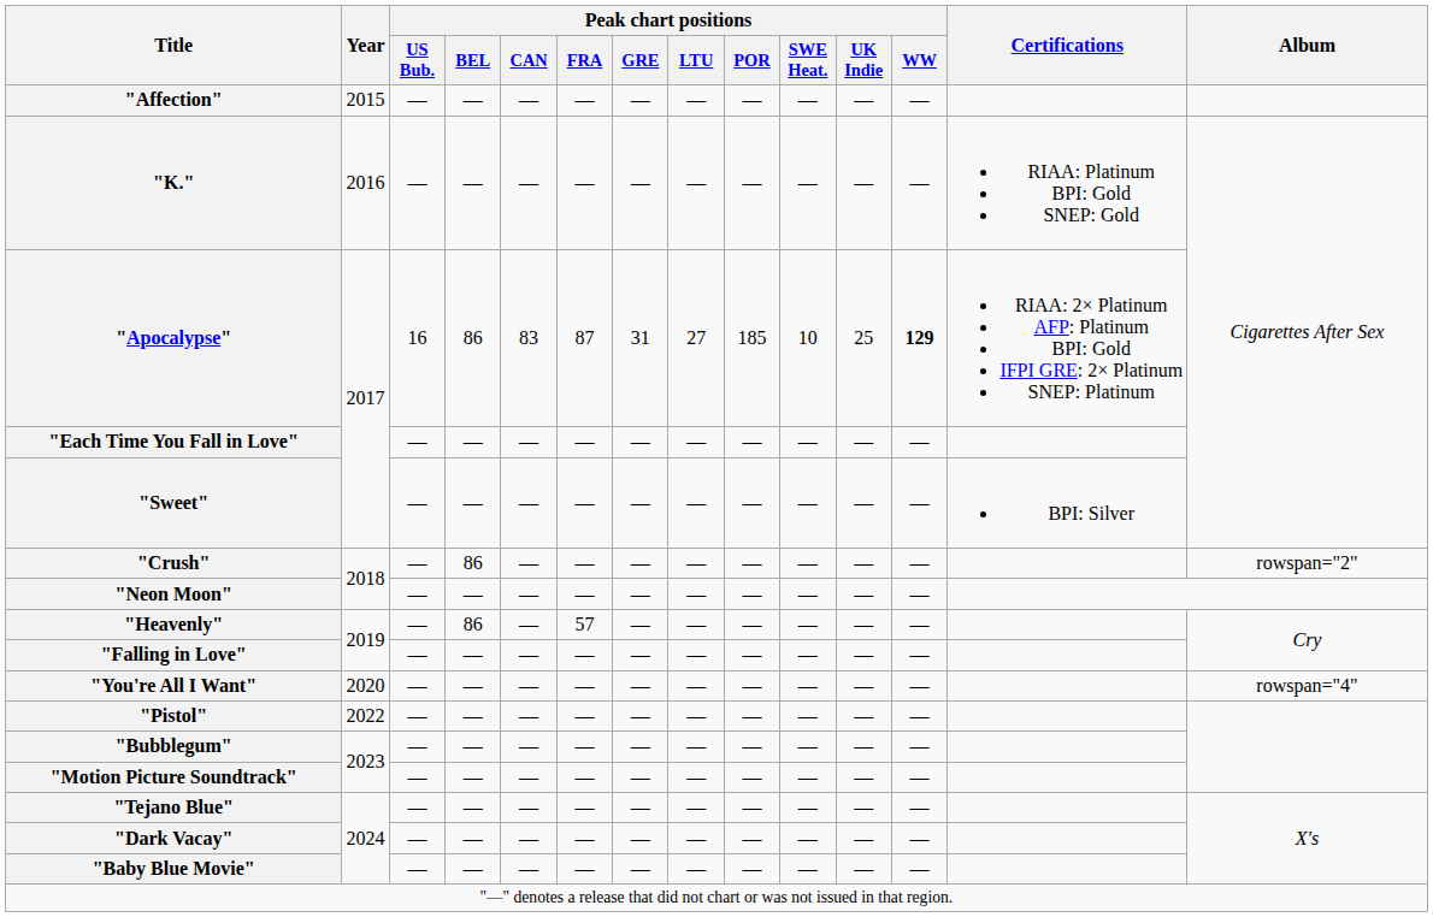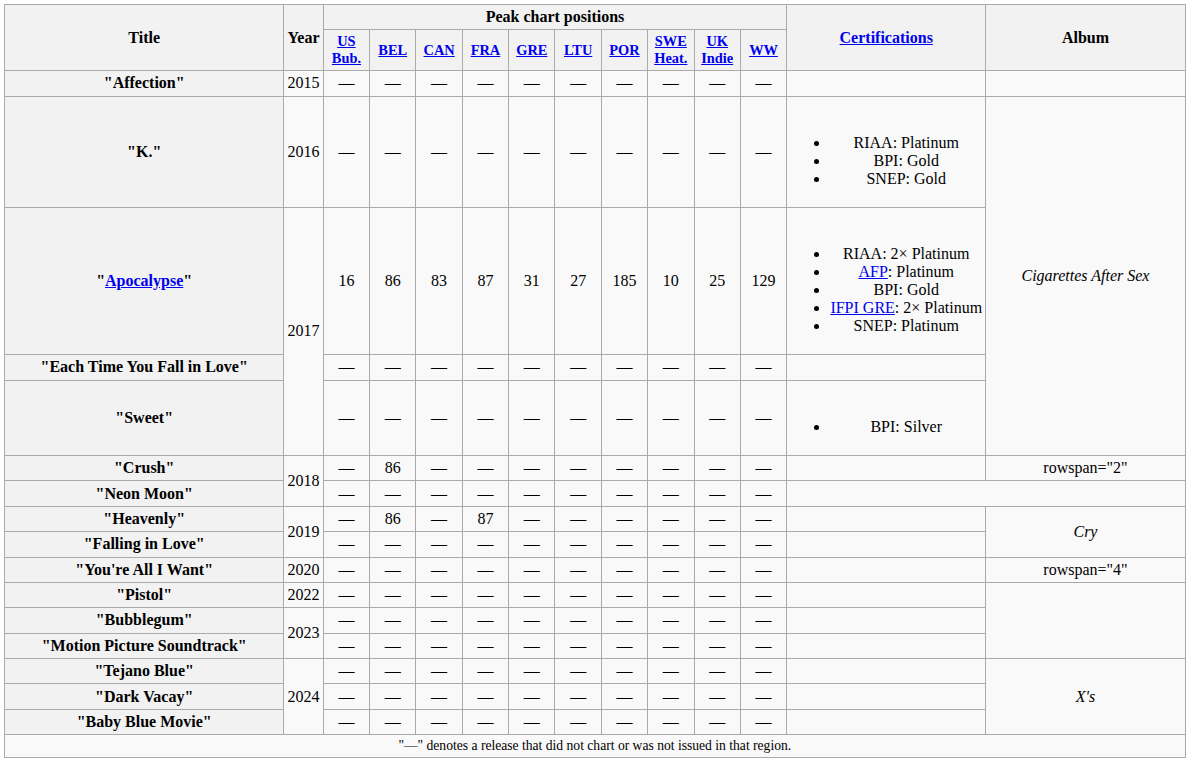 <table class="wikitable plainrowheaders" style="text-align:center">
 <tr>
 <th scope="col" rowspan="2" style="width:17em;">Title</th>
 <th scope="col" rowspan="2">Year</th>
 <th scope="col" colspan="10">Peak chart positions</th>
 <th scope="col" rowspan="2"><a href='#'>Certifications</a></th>
 <th scope="col" style="width:12em;"rowspan="2">Album</th>
 </tr>
 <tr>
 <th scope="col" style="width:2.75em;font-size:90%;"><a href='#'>US<br>Bub.</a><br></th>
 <th scope="col" style="width:2.75em;font-size:90%;"><a href='#'>BEL</a><br></th>
 <th scope="col" style="width:2.75em;font-size:90%;"><a href='#'>CAN</a><br></th>
 <th scope="col" style="width:2.75em;font-size:90%;"><a href='#'>FRA</a><br></th>
 <th scope="col" style="width:2.75em;font-size:90%;"><a href='#'>GRE</a><br></th>
 <th scope="col" style="width:2.75em;font-size:90%;"><a href='#'>LTU</a><br></th>
 <th scope="col" style="width:2.75em;font-size:90%;"><a href='#'>POR</a><br></th>
 <th scope="col" style="width:2.75em;font-size:90%;"><a href='#'>SWE<br>Heat.</a><br></th>
 <th scope="col" style="width:2.75em;font-size:90%;"><a href='#'>UK<br>Indie</a><br></th>
 <th scope="col" style="width:2.75em;font-size:90%;"><a href='#'>WW</a><br></th>
 </tr>
 <tr>
 <th scope="row">"Affection"</th>
 <td>2015</td>
 <td>—</td>
 <td>—</td>
 <td>—</td>
 <td>—</td>
 <td>—</td>
 <td>—</td>
 <td>—</td>
 <td>—</td>
 <td>—</td>
 <td>—</td>
 <td></td>
 <td></td>
 </tr>
 <tr>
 <th scope="row">"K."</th>
 <td>2016</td>
 <td>—</td>
 <td>—</td>
 <td>—</td>
 <td>—</td>
 <td>—</td>
 <td>—</td>
 <td>—</td>
 <td>—</td>
 <td>—</td>
 <td>—</td>
 <td><br><ul><li>RIAA: Platinum</li><li>BPI: Gold</li><li>SNEP: Gold</li></ul></td>
 <td rowspan="4"><em>Cigarettes After Sex</em></td>
 </tr>
 <tr>
 <th scope="row">"<a href='#'>Apocalypse</a>"</th>
 <td rowspan="3">2017</td>
 <td>16</td>
 <td>86</td>
 <td>83</td>
 <td>87</td>
 <td>31</td>
 <td>27</td>
 <td>185</td>
 <td>10</td>
 <td>25</td>
-<td><strong>129</strong></td>
+<td>129</td>
 <td><br><ul><li>RIAA: 2× Platinum</li><li><a href='#'>AFP</a>: Platinum</li><li>BPI: Gold</li><li><a href='#'>IFPI GRE</a>: 2× Platinum</li><li>SNEP: Platinum</li></ul></td>
 </tr>
 <tr>
 <th scope="row">"Each Time You Fall in Love"</th>
 <td>—</td>
 <td>—</td>
 <td>—</td>
 <td>—</td>
 <td>—</td>
 <td>—</td>
 <td>—</td>
 <td>—</td>
 <td>—</td>
 <td>—</td>
 <td></td>
 </tr>
 <tr>
 <th scope="row">"Sweet"</th>
 <td>—</td>
 <td>—</td>
 <td>—</td>
 <td>—</td>
 <td>—</td>
 <td>—</td>
 <td>—</td>
 <td>—</td>
 <td>—</td>
 <td>—</td>
 <td><br><ul><li>BPI: Silver</li></ul></td>
 </tr>
 <tr>
 <th scope="row">"Crush"</th>
 <td rowspan="2">2018</td>
 <td>—</td>
 <td>86</td>
 <td>—</td>
 <td>—</td>
 <td>—</td>
 <td>—</td>
 <td>—</td>
 <td>—</td>
 <td>—</td>
 <td>—</td>
 <td></td>
 <td>rowspan="2" </td>
 </tr>
 <tr>
 <th scope="row">"Neon Moon"</th>
 <td>—</td>
 <td>—</td>
 <td>—</td>
 <td>—</td>
 <td>—</td>
 <td>—</td>
 <td>—</td>
 <td>—</td>
 <td>—</td>
 <td>—</td>
 </tr>
 <tr>
 <th scope="row">"Heavenly"</th>
 <td rowspan="2">2019</td>
 <td>—</td>
 <td>86</td>
 <td>—</td>
-<td>57</td>
+<td>87</td>
 <td>—</td>
 <td>—</td>
 <td>—</td>
 <td>—</td>
 <td>—</td>
 <td>—</td>
 <td></td>
 <td rowspan="2"><em>Cry</em></td>
 </tr>
 <tr>
 <th scope="row">"Falling in Love"</th>
 <td>—</td>
 <td>—</td>
 <td>—</td>
 <td>—</td>
 <td>—</td>
 <td>—</td>
 <td>—</td>
 <td>—</td>
 <td>—</td>
 <td>—</td>
 <td></td>
 </tr>
 <tr>
 <th scope="row">"You're All I Want"</th>
 <td>2020</td>
 <td>—</td>
 <td>—</td>
 <td>—</td>
 <td>—</td>
 <td>—</td>
 <td>—</td>
 <td>—</td>
 <td>—</td>
 <td>—</td>
 <td>—</td>
 <td></td>
 <td>rowspan="4" </td>
 </tr>
 <tr>
 <th scope="row">"Pistol"</th>
 <td>2022</td>
 <td>—</td>
 <td>—</td>
 <td>—</td>
 <td>—</td>
 <td>—</td>
 <td>—</td>
 <td>—</td>
 <td>—</td>
 <td>—</td>
 <td>—</td>
 <td></td>
 </tr>
 <tr>
 <th scope="row">"Bubblegum"</th>
 <td rowspan="2">2023</td>
 <td>—</td>
 <td>—</td>
 <td>—</td>
 <td>—</td>
 <td>—</td>
 <td>—</td>
 <td>—</td>
 <td>—</td>
 <td>—</td>
 <td>—</td>
 <td></td>
 </tr>
 <tr>
 <th scope="row">"Motion Picture Soundtrack"</th>
 <td>—</td>
 <td>—</td>
 <td>—</td>
 <td>—</td>
 <td>—</td>
 <td>—</td>
 <td>—</td>
 <td>—</td>
 <td>—</td>
 <td>—</td>
 <td></td>
 </tr>
 <tr>
 <th scope="row">"Tejano Blue"</th>
 <td rowspan="3">2024</td>
 <td>—</td>
 <td>—</td>
 <td>—</td>
 <td>—</td>
 <td>—</td>
 <td>—</td>
 <td>—</td>
 <td>—</td>
 <td>—</td>
 <td>—</td>
 <td></td>
 <td rowspan="3"><em>X's</em></td>
 </tr>
 <tr>
 <th scope="row">"Dark Vacay"</th>
 <td>—</td>
 <td>—</td>
 <td>—</td>
 <td>—</td>
 <td>—</td>
 <td>—</td>
 <td>—</td>
 <td>—</td>
 <td>—</td>
 <td>—</td>
 <td></td>
 </tr>
 <tr>
 <th scope="row">"Baby Blue Movie"</th>
 <td>—</td>
 <td>—</td>
 <td>—</td>
 <td>—</td>
 <td>—</td>
 <td>—</td>
 <td>—</td>
 <td>—</td>
 <td>—</td>
 <td>—</td>
 <td></td>
 </tr>
 <tr>
 <td colspan="16" style="font-size: 85%">"—" denotes a release that did not chart or was not issued in that region.</td>
 </tr>
 </table>
